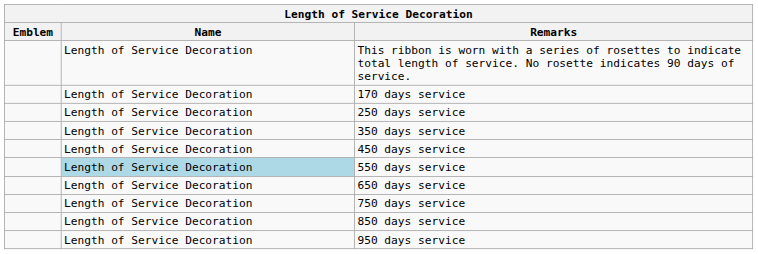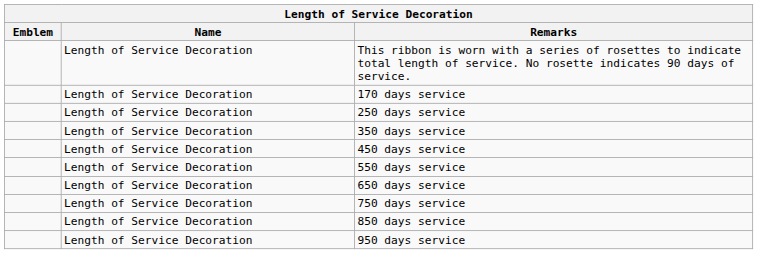 <table class="wikitable">
 <tr>
 <th colspan=3>Length of Service Decoration</th>
 </tr>
 <tr>
 <th style="width:60px;">Emblem</th>
 <th style="width:335px;">Name</th>
 <th>Remarks</th>
 </tr>
 <tr>
 <td></td>
 <td>Length of Service Decoration<br><br><br></td>
 <td>This ribbon is worn with a series of rosettes to indicate total length of service. No rosette indicates 90 days of service.</td>
 </tr>
 <tr>
 <td><span></span></td>
 <td>Length of Service Decoration</td>
 <td>170 days service</td>
 </tr>
 <tr>
 <td><span></span><span></span></td>
 <td>Length of Service Decoration</td>
 <td>250 days service</td>
 </tr>
 <tr>
 <td><span></span><span></span><span></span></td>
 <td>Length of Service Decoration</td>
 <td>350 days service</td>
 </tr>
 <tr>
 <td><span></span></td>
 <td>Length of Service Decoration</td>
 <td>450 days service</td>
 </tr>
 <tr>
 <td><span></span><span></span></td>
-<td style="background: lightblue;">Length of Service Decoration</td>
+<td>Length of Service Decoration</td>
 <td>550 days service</td>
 </tr>
 <tr>
 <td><span></span><span></span><span></span></td>
 <td>Length of Service Decoration</td>
 <td>650 days service</td>
 </tr>
 <tr>
 <td><span></span></td>
 <td>Length of Service Decoration</td>
 <td>750 days service</td>
 </tr>
 <tr>
 <td><span></span><span></span></td>
 <td>Length of Service Decoration</td>
 <td>850 days service</td>
 </tr>
 <tr>
 <td><span></span><span></span><span></span></td>
 <td>Length of Service Decoration</td>
 <td>950 days service</td>
 </tr>
 </table>
